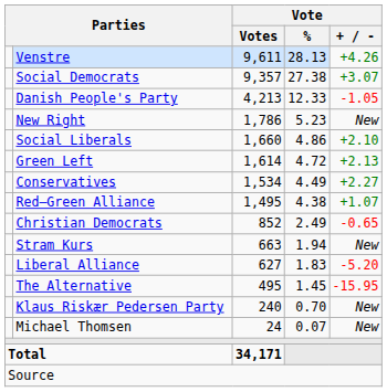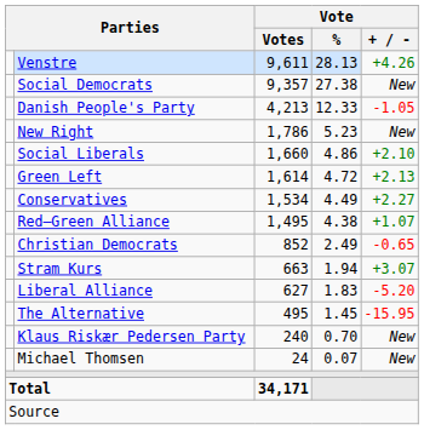 <table class="wikitable" style="text-align:right;">
 <tr>
 <th style="text-align:centre;" rowspan="2" colspan="2" width="225">Parties</th>
 <th colspan="3">Vote</th>
 </tr>
 <tr>
 <th width="15">Votes</th>
 <th width="15">%</th>
 <th width="15">+ / -</th>
 </tr>
 <tr>
 <td width="2" style="color:inherit;background:"></td>
 <td bgcolor=#cfe5fe  align="left"><a href='#'>Venstre</a></td>
 <td bgcolor=#cfe5fe>9,611</td>
 <td bgcolor=#cfe5fe>28.13</td>
 <td style=color:green;>+4.26</td>
 </tr>
 <tr>
 <td width="2" style="color:inherit;background:"></td>
 <td align="left"><a href='#'>Social Democrats</a></td>
 <td>9,357</td>
 <td>27.38</td>
-<td style=color:green;>+3.07</td>
+<td><em>New</em></td>
 </tr>
 <tr>
 <td width="2" style="color:inherit;background:"></td>
 <td align="left"><a href='#'>Danish People's Party</a></td>
 <td>4,213</td>
 <td>12.33</td>
 <td style=color:red;>-1.05</td>
 </tr>
 <tr>
 <td width="2" style="color:inherit;background:"></td>
 <td align="left"><a href='#'>New Right</a></td>
 <td>1,786</td>
 <td>5.23</td>
 <td><em>New</em></td>
 </tr>
 <tr>
 <td width="2" style="color:inherit;background:"></td>
 <td align="left"><a href='#'>Social Liberals</a></td>
 <td>1,660</td>
 <td>4.86</td>
 <td style=color:green;>+2.10</td>
 </tr>
 <tr>
 <td width="2" style="color:inherit;background:"></td>
 <td align="left"><a href='#'>Green Left</a></td>
 <td>1,614</td>
 <td>4.72</td>
 <td style=color:green;>+2.13</td>
 </tr>
 <tr>
 <td width="2" style="color:inherit;background:"></td>
 <td align="left"><a href='#'>Conservatives</a></td>
 <td>1,534</td>
 <td>4.49</td>
 <td style=color:green;>+2.27</td>
 </tr>
 <tr>
 <td width="2" style="color:inherit;background:"></td>
 <td align="left"><a href='#'>Red–Green Alliance</a></td>
 <td>1,495</td>
 <td>4.38</td>
 <td style=color:green;>+1.07</td>
 </tr>
 <tr>
 <td width="2" style="color:inherit;background:"></td>
 <td align="left"><a href='#'>Christian Democrats</a></td>
 <td>852</td>
 <td>2.49</td>
 <td style=color:red;>-0.65</td>
 </tr>
 <tr>
 <td width="2" style="color:inherit;background:"></td>
 <td align="left"><a href='#'>Stram Kurs</a></td>
 <td>663</td>
 <td>1.94</td>
-<td><em>New</em></td>
+<td style=color:green;>+3.07</td>
 </tr>
 <tr>
 <td width="2" style="color:inherit;background:"></td>
 <td align="left"><a href='#'>Liberal Alliance</a></td>
 <td>627</td>
 <td>1.83</td>
 <td style=color:red;>-5.20</td>
 </tr>
 <tr>
 <td width="2" style="color:inherit;background:"></td>
 <td align="left"><a href='#'>The Alternative</a></td>
 <td>495</td>
 <td>1.45</td>
 <td style=color:red;>-15.95</td>
 </tr>
 <tr>
 <td width="2" style="color:inherit;background:"></td>
 <td align="left"><a href='#'>Klaus Riskær Pedersen Party</a></td>
 <td>240</td>
 <td>0.70</td>
 <td><em>New</em></td>
 </tr>
 <tr>
 <td width="2" style="color:inherit;background:"></td>
 <td align="left">Michael Thomsen</td>
 <td>24</td>
 <td>0.07</td>
 <td><em>New</em></td>
 </tr>
 <tr>
 <td colspan="7" bgcolor="#E9E9E9"></td>
 </tr>
 <tr>
 <td align="left" colspan="2"><strong>Total</strong></td>
 <td><strong>34,171</strong></td>
 <td bgcolor="#E9E9E9" colspan="2"></td>
 </tr>
 <tr>
 <td align="left" colspan="6">Source</td>
 </tr>
 </table>
